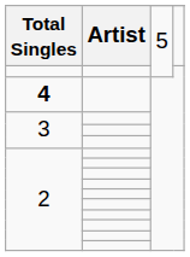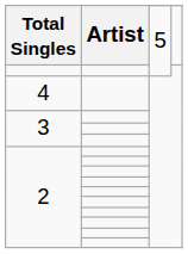 <table class="wikitable sortable plainrowheaders">
 <tr>
 <th rowspan="2"><small>Total<br>Singles</small></th>
 <th rowspan="2">Artist</th>
 </tr>
 <tr>
 <td rowspan="2" align="center">5</td>
 <td></td>
 </tr>
 <tr>
 <td></td>
 </tr>
 <tr>
-<td align="center"><strong>4</strong></td>
+<td align="center">4</td>
 <td></td>
 </tr>
 <tr>
 <td rowspan="3" align="center">3</td>
 <td></td>
 </tr>
 <tr>
 <td></td>
 </tr>
 <tr>
 <td></td>
 </tr>
 <tr>
 <td rowspan="10" align="center">2</td>
 <td></td>
 </tr>
 <tr>
 <td></td>
 </tr>
 <tr>
 <td></td>
 </tr>
 <tr>
 <td></td>
 </tr>
 <tr>
 <td></td>
 </tr>
 <tr>
 <td></td>
 </tr>
 <tr>
 <td></td>
 </tr>
 <tr>
 <td></td>
 </tr>
 <tr>
 <td></td>
 </tr>
 <tr>
 <td></td>
 </tr>
 </table>
